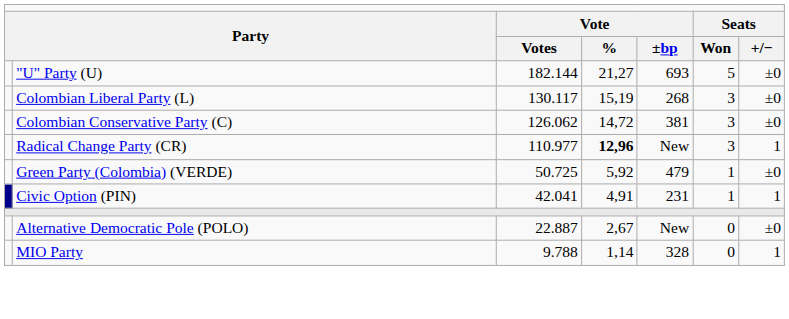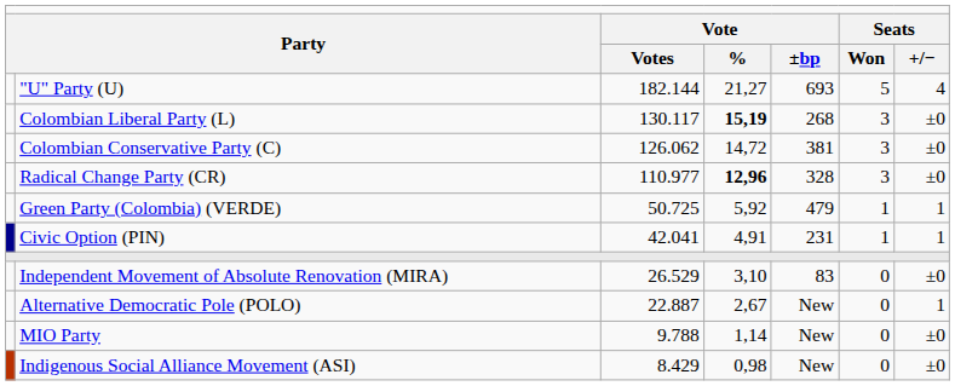 <table class="wikitable" style="text-align:right; font-size:100%; margin-bottom:0">
 <tr>
 <td colspan="7"></td>
 </tr>
 <tr>
 <th align="left" rowspan="2" colspan="2" width="500">Party</th>
 <th colspan="3">Vote</th>
 <th colspan="2">Seats</th>
 </tr>
 <tr>
 <th width="80">Votes</th>
 <th width="50">%</th>
 <th width="50">±<a href='#'>bp</a></th>
 <th width="40">Won</th>
 <th width="40">+/−</th>
 </tr>
 <tr>
 <td width="1" style="color:inherit;background:"></td>
 <td align="left"><a href='#'>"U" Party</a> (U)</td>
 <td>182.144</td>
 <td>21,27</td>
 <td> 693</td>
 <td>5</td>
-<td>±0</td>
+<td> 4</td>
 </tr>
 <tr>
 <td style="color:inherit;background:"></td>
 <td align="left"><a href='#'>Colombian Liberal Party</a> (L)</td>
 <td>130.117</td>
-<td>15,19</td>
+<td><strong>15,19</strong></td>
 <td>268</td>
 <td>3</td>
 <td>±0</td>
 </tr>
 <tr>
 <td style="color:inherit;background:"></td>
 <td align="left"><a href='#'>Colombian Conservative Party</a> (C)</td>
 <td>126.062</td>
 <td>14,72</td>
 <td>381</td>
 <td>3</td>
 <td>±0</td>
 </tr>
 <tr>
 <td style="color:inherit;background:"></td>
 <td align="left"><a href='#'>Radical Change Party</a> (CR)</td>
 <td>110.977</td>
 <td><strong>12,96</strong></td>
-<td>New</td>
+<td>328</td>
 <td>3</td>
-<td> 1</td>
+<td>±0</td>
 </tr>
 <tr>
 <td style="color:inherit;background:"></td>
 <td align="left"><a href='#'>Green Party (Colombia)</a> (VERDE)</td>
 <td>50.725</td>
 <td>5,92</td>
 <td> 479</td>
 <td>1</td>
-<td>±0</td>
+<td> 1</td>
 </tr>
 <tr>
 <td style="color:inherit;background:#00008B"></td>
 <td align="left"><a href='#'>Civic Option</a> (PIN)</td>
 <td>42.041</td>
 <td>4,91</td>
 <td>231</td>
 <td>1</td>
 <td> 1</td>
 </tr>
 <tr>
 <td colspan="7" bgcolor="#E9E9E9"></td>
 </tr>
 <tr>
 <td style="color:inherit;background:"></td>
+<td align="left"><a href='#'>Independent Movement of Absolute Renovation</a> (MIRA)</td>
+<td>26.529</td>
+<td>3,10</td>
+<td> 83</td>
+<td>0</td>
+<td>±0</td>
+</tr>
+<tr>
+<td style="color:inherit;background:"></td>
 <td align="left"><a href='#'>Alternative Democratic Pole</a> (POLO)</td>
 <td>22.887</td>
 <td>2,67</td>
 <td>New</td>
 <td>0</td>
-<td>±0</td>
+<td> 1</td>
 </tr>
 <tr>
 <td style="color:inherit;background:"></td>
 <td align="left"><a href='#'>MIO Party</a></td>
 <td>9.788</td>
 <td>1,14</td>
-<td>328</td>
+<td>New</td>
 <td>0</td>
-<td> 1</td>
+<td>±0</td>
+</tr>
+<tr>
+<td style="color:inherit;background:#B93000"></td>
+<td align="left"><a href='#'>Indigenous Social Alliance Movement</a> (ASI)</td>
+<td>8.429</td>
+<td>0,98</td>
+<td>New</td>
+<td>0</td>
+<td>±0</td>
 </tr>
 </table>
